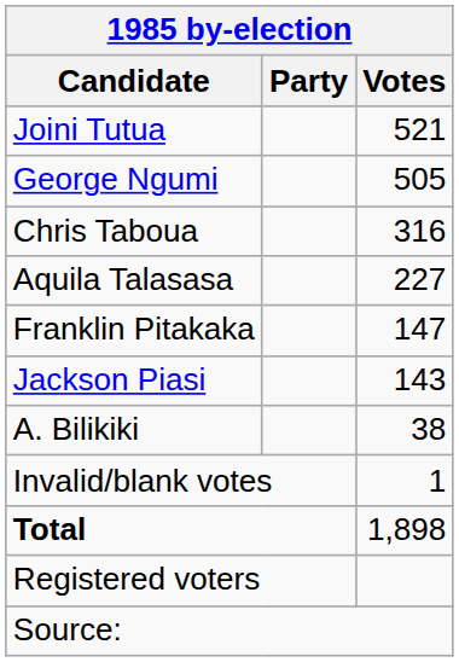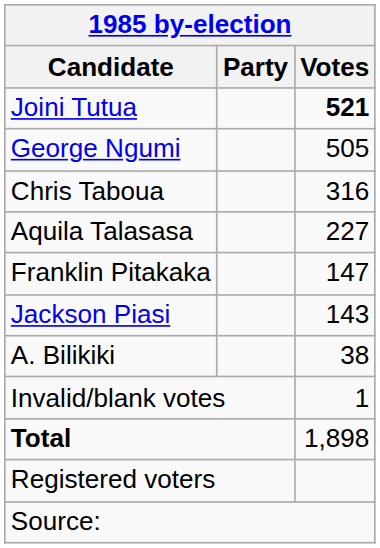 <table class=wikitable style=text-align:left>
 <tr>
 <th colspan=3><a href='#'>1985 by-election</a></th>
 </tr>
 <tr>
 <th>Candidate</th>
 <th>Party</th>
 <th>Votes</th>
 </tr>
 <tr>
 <td><a href='#'>Joini Tutua</a></td>
 <td></td>
-<td align=right>521</td>
+<td align=right><strong>521</strong></td>
 </tr>
 <tr>
 <td><a href='#'>George Ngumi</a></td>
 <td></td>
 <td align=right>505</td>
 </tr>
 <tr>
 <td>Chris Taboua</td>
 <td></td>
 <td align=right>316</td>
 </tr>
 <tr>
 <td>Aquila Talasasa</td>
 <td></td>
 <td align=right>227</td>
 </tr>
 <tr>
 <td>Franklin Pitakaka</td>
 <td></td>
 <td align=right>147</td>
 </tr>
 <tr>
 <td><a href='#'>Jackson Piasi</a></td>
 <td></td>
 <td align=right>143</td>
 </tr>
 <tr>
 <td>A. Bilikiki</td>
 <td></td>
 <td align=right>38</td>
 </tr>
 <tr>
 <td colspan=2>Invalid/blank votes</td>
 <td align=right>1</td>
 </tr>
 <tr>
 <td colspan=2><strong>Total</strong></td>
 <td align=right>1,898</td>
 </tr>
 <tr>
 <td colspan=2>Registered voters</td>
 <td align=right></td>
 </tr>
 <tr>
 <td colspan=3>Source: </td>
 </tr>
 </table>
